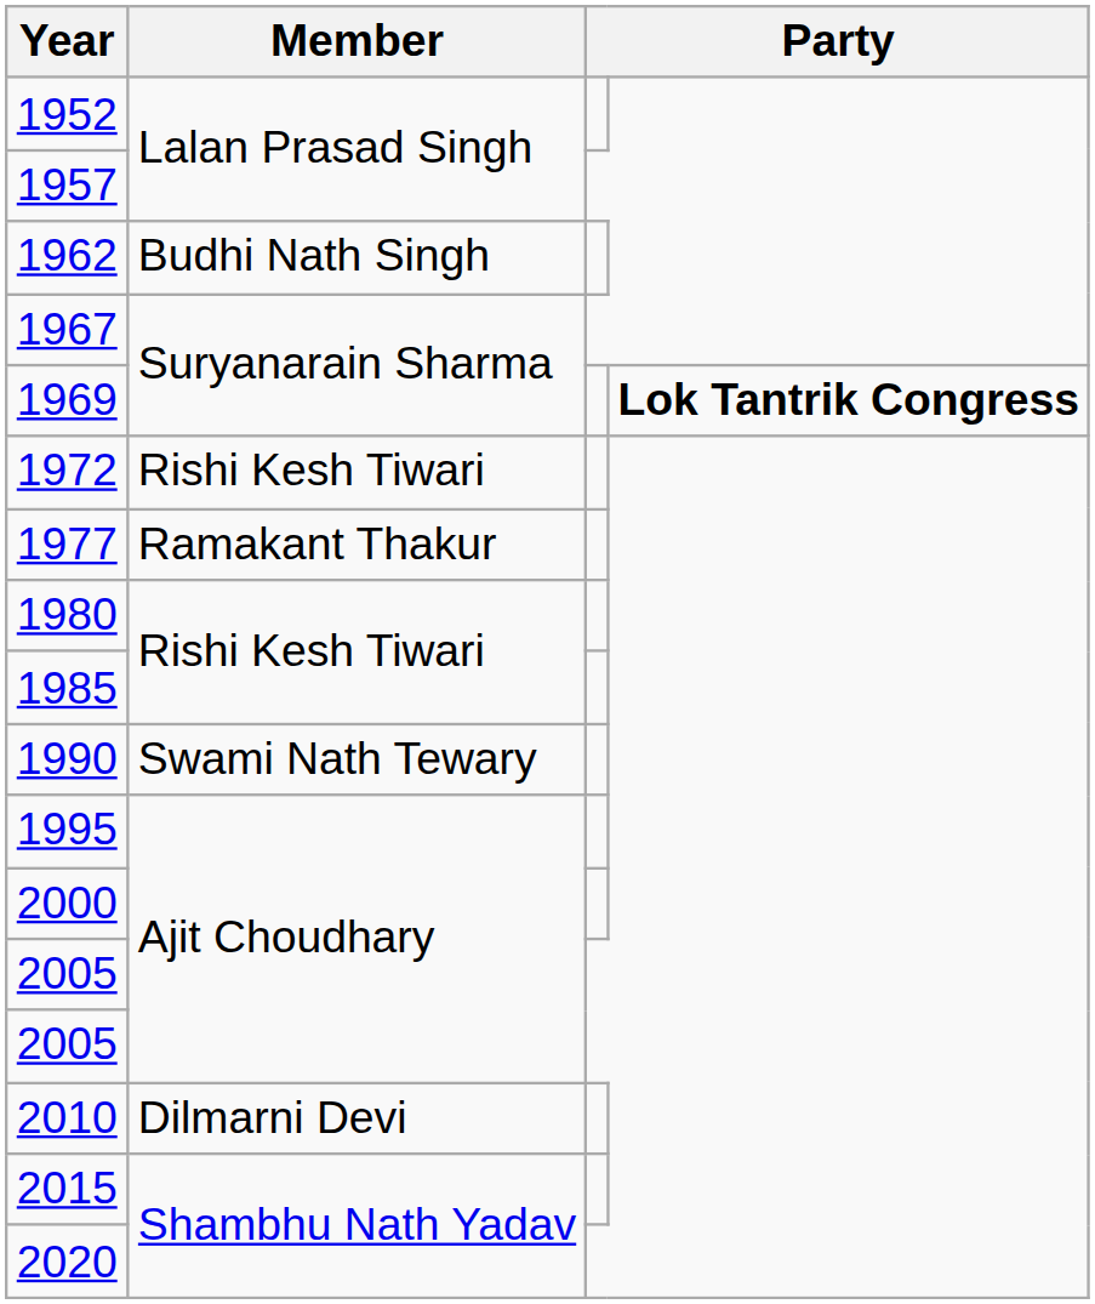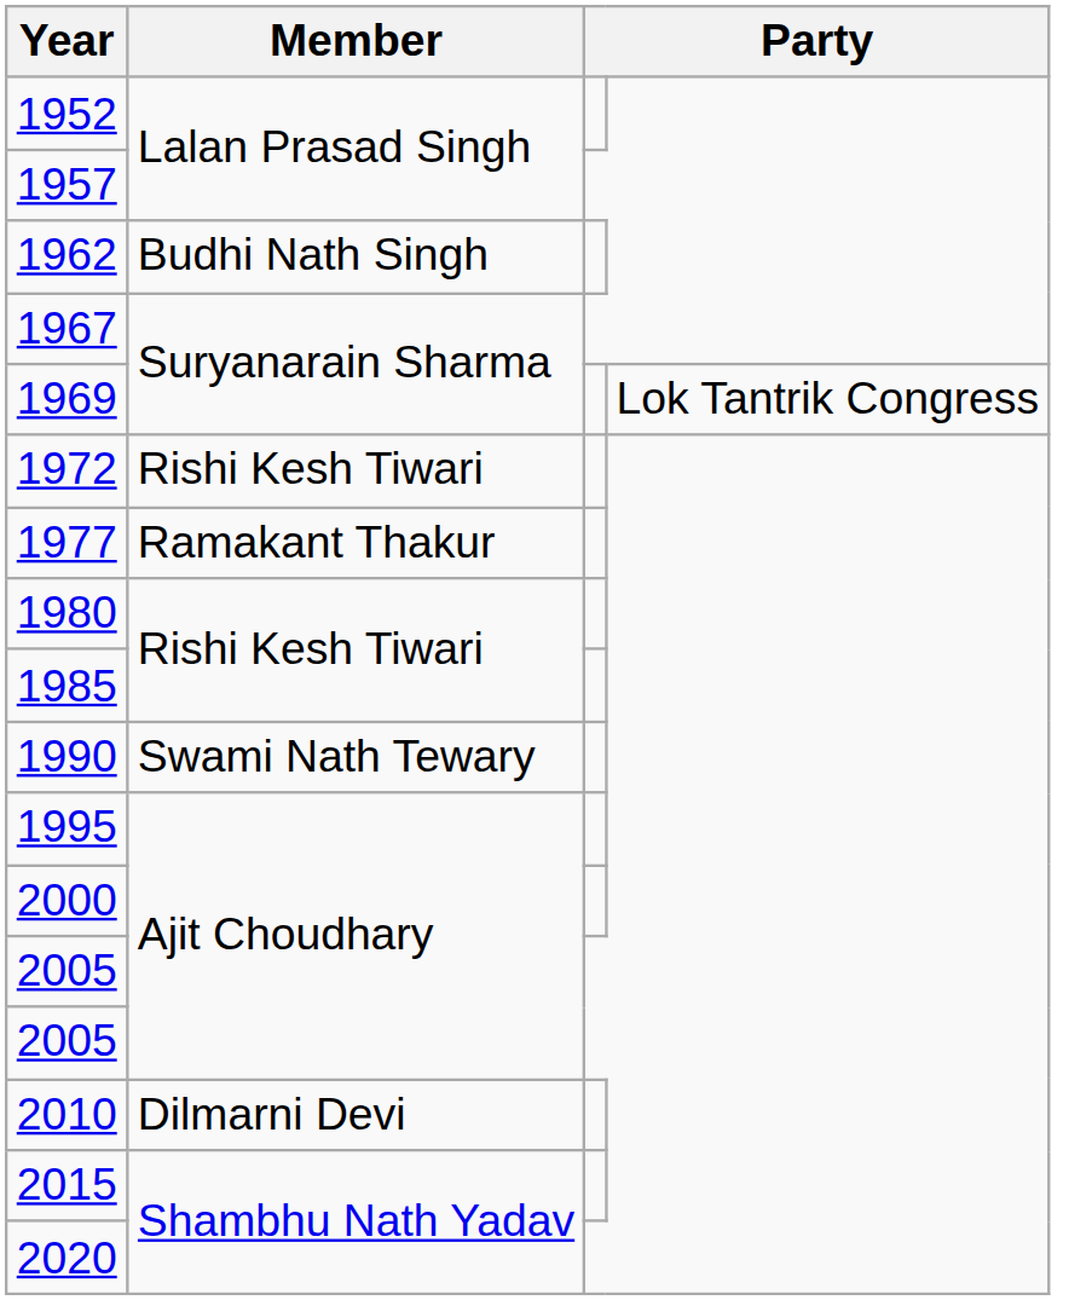 <table class="wikitable sortable">
 <tr>
 <th>Year</th>
 <th>Member</th>
 <th colspan="2">Party</th>
 </tr>
 <tr>
 <td><a href='#'>1952</a></td>
 <td rowspan="2">Lalan Prasad Singh</td>
 <td></td>
 </tr>
 <tr>
 <td><a href='#'>1957</a></td>
 </tr>
 <tr>
 <td><a href='#'>1962</a></td>
 <td>Budhi Nath Singh</td>
 <td></td>
 </tr>
 <tr>
 <td><a href='#'>1967</a></td>
 <td rowspan="2">Suryanarain Sharma</td>
 </tr>
 <tr>
 <td><a href='#'>1969</a></td>
 <td></td>
-<td><strong>Lok Tantrik Congress</strong></td>
+<td>Lok Tantrik Congress</td>
 </tr>
 <tr>
 <td><a href='#'>1972</a></td>
 <td>Rishi Kesh Tiwari</td>
 <td></td>
 </tr>
 <tr>
 <td><a href='#'>1977</a></td>
 <td>Ramakant Thakur</td>
 <td></td>
 </tr>
 <tr>
 <td><a href='#'>1980</a></td>
 <td rowspan="2">Rishi Kesh Tiwari</td>
 <td></td>
 </tr>
 <tr>
 <td><a href='#'>1985</a></td>
 <td></td>
 </tr>
 <tr>
 <td><a href='#'>1990</a></td>
 <td>Swami Nath Tewary</td>
 <td></td>
 </tr>
 <tr>
 <td><a href='#'>1995</a></td>
 <td rowspan="4">Ajit Choudhary</td>
 <td></td>
 </tr>
 <tr>
 <td><a href='#'>2000</a></td>
 <td></td>
 </tr>
 <tr>
 <td><a href='#'>2005</a></td>
 </tr>
 <tr>
 <td><a href='#'>2005</a></td>
 </tr>
 <tr>
 <td><a href='#'>2010</a></td>
 <td>Dilmarni Devi</td>
 <td></td>
 </tr>
 <tr>
 <td><a href='#'>2015</a></td>
 <td rowspan="2"><a href='#'>Shambhu Nath Yadav</a></td>
 <td></td>
 </tr>
 <tr>
 <td><a href='#'>2020</a></td>
 </tr>
 </table>
